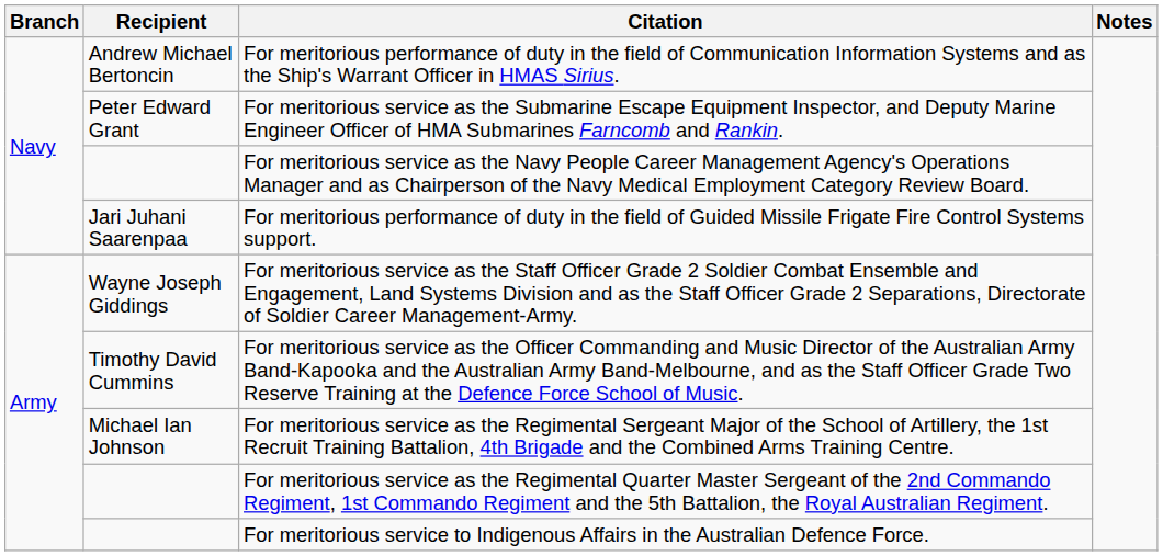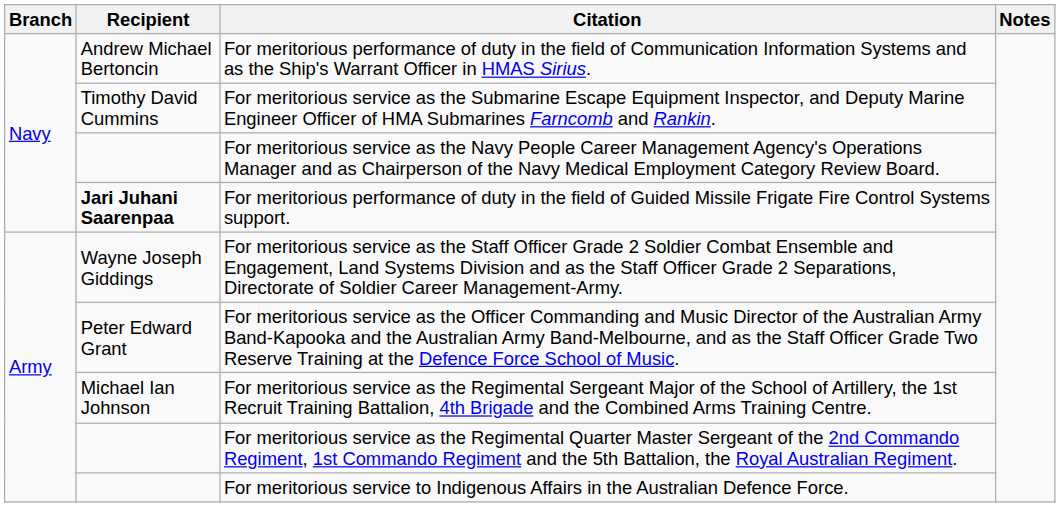 <table class="wikitable" style="font-size:95%;">
 <tr>
 <th>Branch</th>
 <th>Recipient</th>
 <th>Citation</th>
 <th>Notes</th>
 </tr>
 <tr>
 <td rowspan=4><a href='#'>Navy</a></td>
 <td> Andrew Michael Bertoncin</td>
 <td>For meritorious performance of duty in the field of Communication Information Systems and as the Ship's Warrant Officer in <a href='#'>HMAS <em>Sirius</em></a>.</td>
 <td rowspan=9></td>
 </tr>
 <tr>
-<td> Peter Edward Grant</td>
+<td> Timothy David Cummins</td>
 <td>For meritorious service as the Submarine Escape Equipment Inspector, and Deputy Marine Engineer Officer of HMA Submarines <a href='#'><em>Farncomb</em></a> and <a href='#'><em>Rankin</em></a>.</td>
 </tr>
 <tr>
 <td></td>
 <td>For meritorious service as the Navy People Career Management Agency's Operations Manager and as Chairperson of the Navy Medical Employment Category Review Board.</td>
 </tr>
 <tr>
-<td> Jari Juhani Saarenpaa</td>
+<td><strong> Jari Juhani Saarenpaa</strong></td>
 <td>For meritorious performance of duty in the field of Guided Missile Frigate Fire Control Systems support.</td>
 </tr>
 <tr>
 <td rowspan=5><a href='#'>Army</a></td>
 <td> Wayne Joseph Giddings</td>
 <td>For meritorious service as the Staff Officer Grade 2 Soldier Combat Ensemble and Engagement, Land Systems Division and as the Staff Officer Grade 2 Separations, Directorate of Soldier Career Management-Army.</td>
 </tr>
 <tr>
-<td> Timothy David Cummins</td>
+<td> Peter Edward Grant</td>
 <td>For meritorious service as the Officer Commanding and Music Director of the Australian Army Band-Kapooka and the Australian Army Band-Melbourne, and as the Staff Officer Grade Two Reserve Training at the <a href='#'>Defence Force School of Music</a>.</td>
 </tr>
 <tr>
 <td> Michael Ian Johnson</td>
 <td>For meritorious service as the Regimental Sergeant Major of the School of Artillery, the 1st Recruit Training Battalion, <a href='#'>4th Brigade</a> and the Combined Arms Training Centre.</td>
 </tr>
 <tr>
 <td></td>
 <td>For meritorious service as the Regimental Quarter Master Sergeant of the <a href='#'>2nd Commando Regiment</a>, <a href='#'>1st Commando Regiment</a> and the 5th Battalion, the <a href='#'>Royal Australian Regiment</a>.</td>
 </tr>
 <tr>
 <td></td>
 <td>For meritorious service to Indigenous Affairs in the Australian Defence Force.</td>
 </tr>
 </table>
